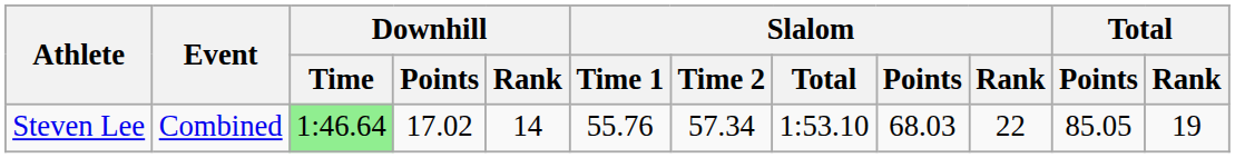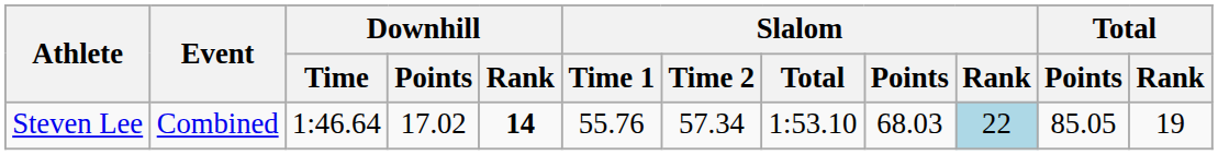 <table class="wikitable" style="font-size:90%">
 <tr>
 <th rowspan="2">Athlete</th>
 <th rowspan="2">Event</th>
 <th colspan="3">Downhill</th>
 <th colspan="5">Slalom</th>
 <th colspan="2">Total</th>
 </tr>
 <tr>
 <th>Time</th>
 <th>Points</th>
 <th>Rank</th>
 <th>Time 1</th>
 <th>Time 2</th>
 <th>Total</th>
 <th>Points</th>
 <th>Rank</th>
 <th>Points</th>
 <th>Rank</th>
 </tr>
 <tr align="center">
 <td align="left"><a href='#'>Steven Lee</a></td>
 <td align="left" rowspan=2><a href='#'>Combined</a></td>
-<td style="background: lightgreen;">1:46.64</td>
+<td>1:46.64</td>
 <td>17.02</td>
-<td>14</td>
+<td><strong>14</strong></td>
 <td>55.76</td>
 <td>57.34</td>
 <td>1:53.10</td>
 <td>68.03</td>
-<td>22</td>
+<td style="background: lightblue;">22</td>
 <td>85.05</td>
 <td>19</td>
 </tr>
 </table>
